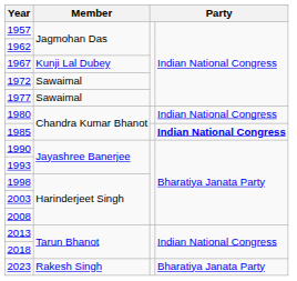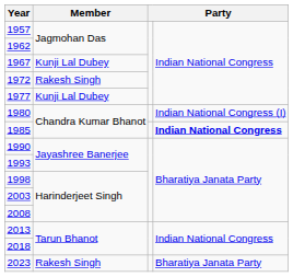 <table class="wikitable">
 <tr>
 <th>Year</th>
 <th>Member</th>
 <th colspan="2">Party</th>
 </tr>
 <tr>
 <td><a href='#'>1957</a></td>
 <td rowspan="2">Jagmohan Das</td>
 <td rowspan="5" style="background-color: "></td>
 <td rowspan="5"><a href='#'>Indian National Congress</a></td>
 </tr>
 <tr>
 <td><a href='#'>1962</a></td>
 </tr>
 <tr>
 <td><a href='#'>1967</a></td>
 <td><a href='#'>Kunji Lal Dubey</a></td>
 </tr>
 <tr>
 <td><a href='#'>1972</a></td>
-<td>Sawaimal</td>
+<td><a href='#'>Rakesh Singh</a></td>
 </tr>
 <tr>
 <td><a href='#'>1977</a></td>
-<td>Sawaimal</td>
+<td><a href='#'>Kunji Lal Dubey</a></td>
 </tr>
 <tr>
 <td><a href='#'>1980</a></td>
 <td rowspan="2">Chandra Kumar Bhanot</td>
 <td style="background-color: "></td>
-<td><a href='#'>Indian National Congress</a></td>
+<td><a href='#'>Indian National Congress (I)</a></td>
 </tr>
 <tr>
 <td><a href='#'>1985</a></td>
 <td style="background-color: "></td>
 <td><strong><a href='#'>Indian National Congress</a></strong></td>
 </tr>
 <tr>
 <td><a href='#'>1990</a></td>
 <td rowspan="2"><a href='#'>Jayashree Banerjee</a></td>
 <td rowspan="5" style="background-color: "></td>
 <td rowspan="5"><a href='#'>Bharatiya Janata Party</a></td>
 </tr>
 <tr>
 <td><a href='#'>1993</a></td>
 </tr>
 <tr>
 <td><a href='#'>1998</a></td>
 <td rowspan="3">Harinderjeet Singh</td>
 </tr>
 <tr>
 <td><a href='#'>2003</a></td>
 </tr>
 <tr>
 <td><a href='#'>2008</a></td>
 </tr>
 <tr>
 <td><a href='#'>2013</a></td>
 <td rowspan="2"><a href='#'>Tarun Bhanot</a></td>
 <td rowspan="2" style="background-color: "></td>
 <td rowspan="2"><a href='#'>Indian National Congress</a></td>
 </tr>
 <tr>
 <td><a href='#'>2018</a></td>
 </tr>
 <tr>
 <td><a href='#'>2023</a></td>
 <td><a href='#'>Rakesh Singh</a></td>
 <td style="background-color: "></td>
 <td><a href='#'>Bharatiya Janata Party</a></td>
 </tr>
 </table>
